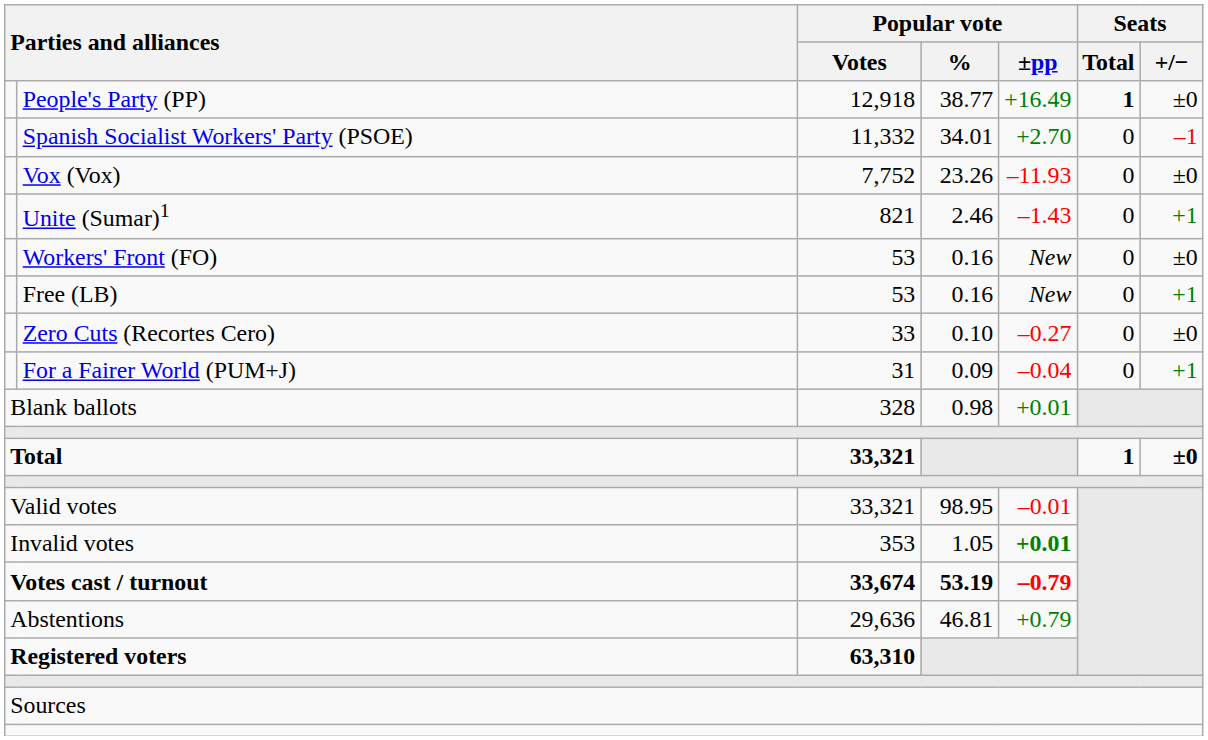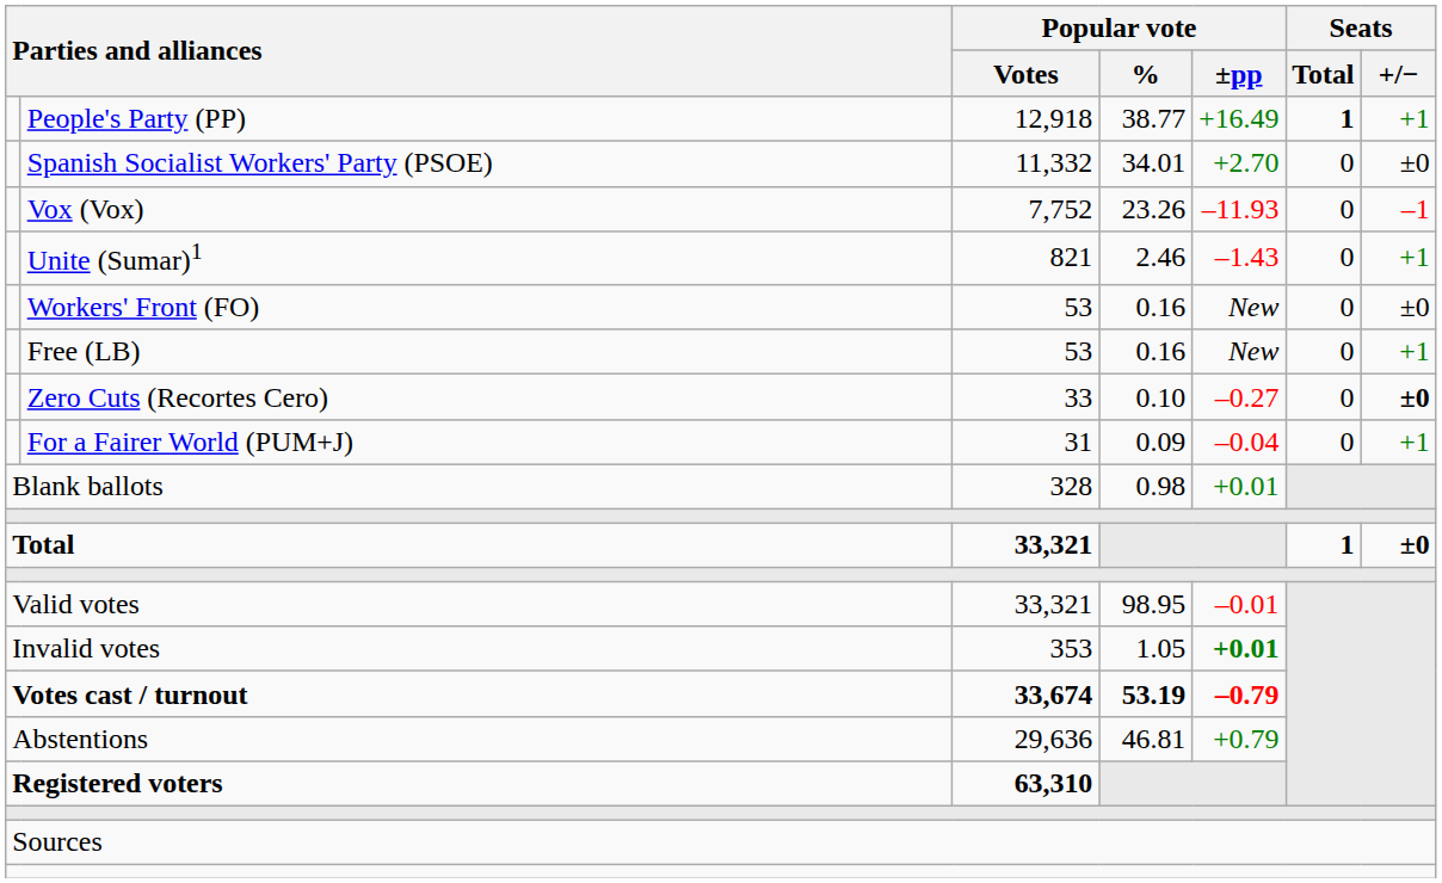 <table class="wikitable" style="text-align:right;">
 <tr>
 <th style="text-align:left;" rowspan="2" colspan="2" width="525">Parties and alliances</th>
 <th colspan="3">Popular vote</th>
 <th colspan="2">Seats</th>
 </tr>
 <tr>
 <th width="75">Votes</th>
 <th width="45">%</th>
 <th width="45">±<a href='#'>pp</a></th>
 <th width="35">Total</th>
 <th width="35">+/−</th>
 </tr>
 <tr>
 <td width="1" style="color:inherit;background:"></td>
 <td align="left"><a href='#'>People's Party</a> (PP)</td>
 <td>12,918</td>
 <td>38.77</td>
 <td style="color:green;">+16.49</td>
 <td><strong>1</strong></td>
-<td>±0</td>
+<td style="color:green;">+1</td>
 </tr>
 <tr>
 <td style="color:inherit;background:"></td>
 <td align="left"><a href='#'>Spanish Socialist Workers' Party</a> (PSOE)</td>
 <td>11,332</td>
 <td>34.01</td>
 <td style="color:green;">+2.70</td>
 <td>0</td>
-<td style="color:red;">–1</td>
+<td>±0</td>
 </tr>
 <tr>
 <td style="color:inherit;background:"></td>
 <td align="left"><a href='#'>Vox</a> (Vox)</td>
 <td>7,752</td>
 <td>23.26</td>
 <td style="color:red;">–11.93</td>
 <td>0</td>
-<td>±0</td>
+<td style="color:red;">–1</td>
 </tr>
 <tr>
 <td style="color:inherit;background:"></td>
 <td align="left"><a href='#'>Unite</a> (Sumar)<sup>1</sup></td>
 <td>821</td>
 <td>2.46</td>
 <td style="color:red;">–1.43</td>
 <td>0</td>
 <td style="color:green;">+1</td>
 </tr>
 <tr>
 <td style="color:inherit;background:"></td>
 <td align="left"><a href='#'>Workers' Front</a> (FO)</td>
 <td>53</td>
 <td>0.16</td>
 <td><em>New</em></td>
 <td>0</td>
 <td>±0</td>
 </tr>
 <tr>
 <td style="color:inherit;background:"></td>
 <td align="left">Free (LB)</td>
 <td>53</td>
 <td>0.16</td>
 <td><em>New</em></td>
 <td>0</td>
 <td style="color:green;">+1</td>
 </tr>
 <tr>
 <td style="color:inherit;background:"></td>
 <td align="left"><a href='#'>Zero Cuts</a> (Recortes Cero)</td>
 <td>33</td>
 <td>0.10</td>
 <td style="color:red;">–0.27</td>
 <td>0</td>
-<td>±0</td>
+<td><strong>±0</strong></td>
 </tr>
 <tr>
 <td style="color:inherit;background:"></td>
 <td align="left"><a href='#'>For a Fairer World</a> (PUM+J)</td>
 <td>31</td>
 <td>0.09</td>
 <td style="color:red;">–0.04</td>
 <td>0</td>
 <td style="color:green;">+1</td>
 </tr>
 <tr>
 <td align="left" colspan="2">Blank ballots</td>
 <td>328</td>
 <td>0.98</td>
 <td style="color:green;">+0.01</td>
 <td bgcolor="#E9E9E9" colspan="2"></td>
 </tr>
 <tr>
 <td colspan="7" bgcolor="#E9E9E9"></td>
 </tr>
 <tr style="font-weight:bold;">
 <td align="left" colspan="2">Total</td>
 <td>33,321</td>
 <td bgcolor="#E9E9E9" colspan="2"></td>
 <td>1</td>
 <td>±0</td>
 </tr>
 <tr>
 <td colspan="7" bgcolor="#E9E9E9"></td>
 </tr>
 <tr>
 <td align="left" colspan="2">Valid votes</td>
 <td>33,321</td>
 <td>98.95</td>
 <td style="color:red;">–0.01</td>
 <td bgcolor="#E9E9E9" colspan="2" rowspan="5"></td>
 </tr>
 <tr>
 <td align="left" colspan="2">Invalid votes</td>
 <td>353</td>
 <td>1.05</td>
 <td style="color:green;"><strong>+0.01</strong></td>
 </tr>
 <tr style="font-weight:bold;">
 <td align="left" colspan="2">Votes cast / turnout</td>
 <td>33,674</td>
 <td>53.19</td>
 <td style="color:red;">–0.79</td>
 </tr>
 <tr>
 <td align="left" colspan="2">Abstentions</td>
 <td>29,636</td>
 <td>46.81</td>
 <td style="color:green;">+0.79</td>
 </tr>
 <tr style="font-weight:bold;">
 <td align="left" colspan="2">Registered voters</td>
 <td>63,310</td>
 <td bgcolor="#E9E9E9" colspan="2"></td>
 </tr>
 <tr>
 <td colspan="7" bgcolor="#E9E9E9"></td>
 </tr>
 <tr>
 <td align="left" colspan="7">Sources</td>
 </tr>
 <tr>
 <td colspan="7" style="text-align:left; max-width:790px;"></td>
 </tr>
 </table>
